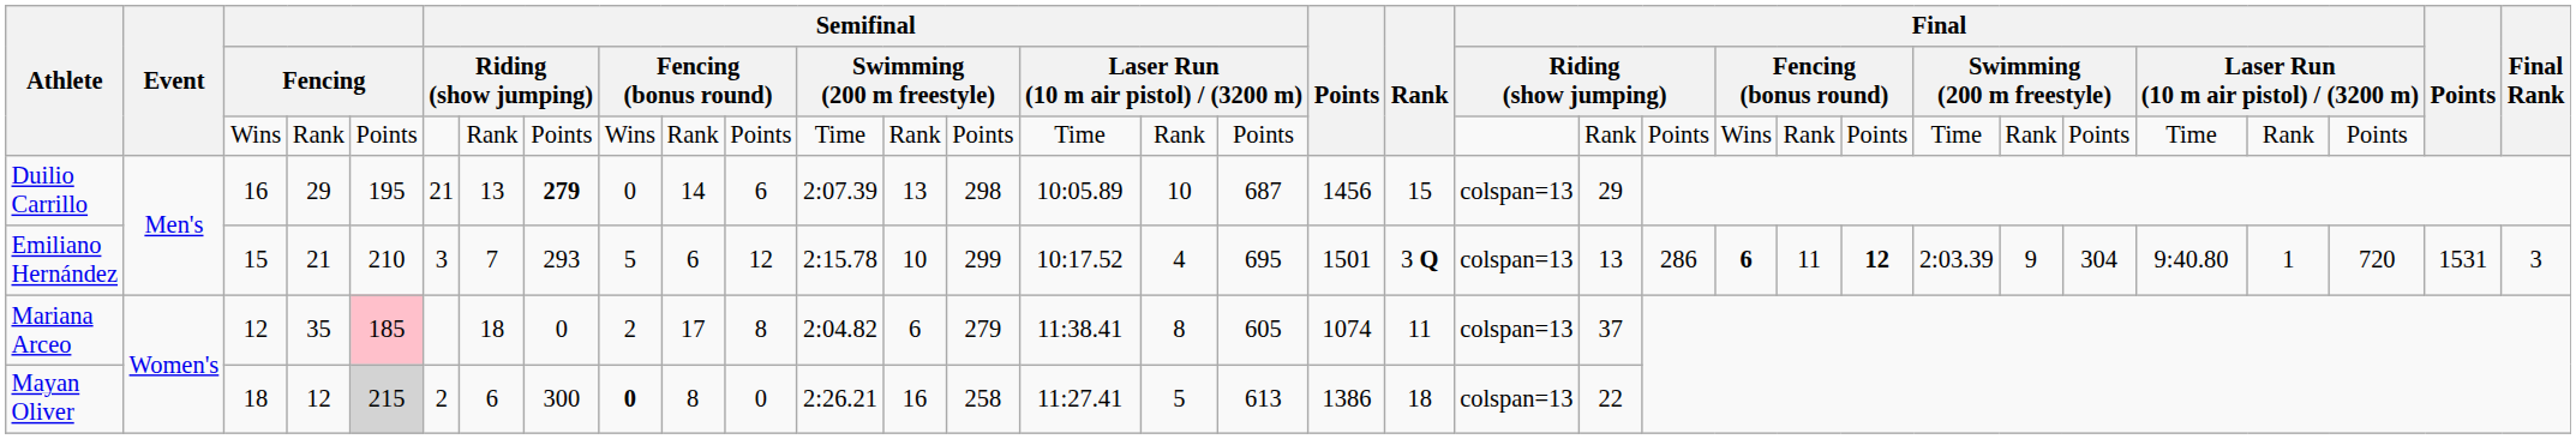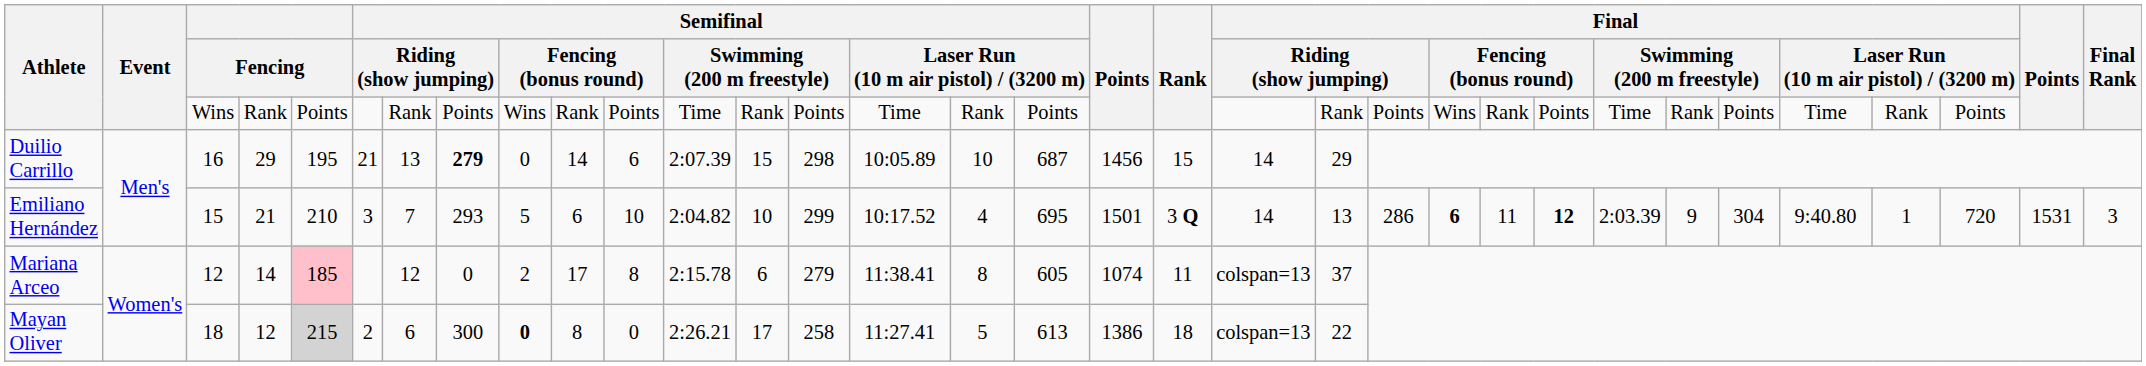 <table class="wikitable" style="font-size:90%">
 <tr align=center>
 <th rowspan=3>Athlete</th>
 <th rowspan=3>Event</th>
 <th colspan=3 nowrap></th>
 <th colspan=12>Semifinal</th>
 <th rowspan=3 nowrap><br>Points</th>
 <th rowspan=3 nowrap><br>Rank</th>
 <th colspan=12>Final</th>
 <th rowspan=3 nowrap><br>Points</th>
 <th rowspan=3 nowrap>Final<br>Rank</th>
 </tr>
 <tr>
 <th colspan=3>Fencing</th>
 <th colspan=3 nowrap>Riding<br><span>(show jumping)</span></th>
 <th colspan=3 nowrap>Fencing<br><span>(bonus round)</span></th>
 <th colspan=3 nowrap>Swimming<br><span>(200 m freestyle)</span></th>
 <th colspan=3 nowrap>Laser Run<br><span>(10 m air pistol) / (3200 m)</span></th>
 <th colspan=3 nowrap>Riding<br><span>(show jumping)</span></th>
 <th colspan=3 nowrap>Fencing<br><span>(bonus round)</span></th>
 <th colspan=3 nowrap>Swimming<br><span>(200 m freestyle)</span></th>
 <th colspan=3 nowrap>Laser Run<br><span>(10 m air pistol) / (3200 m)</span></th>
 </tr>
 <tr align=center>
 <td>Wins</td>
 <td>Rank</td>
 <td>Points</td>
 <td></td>
 <td>Rank</td>
 <td>Points</td>
 <td>Wins</td>
 <td>Rank</td>
 <td>Points</td>
 <td>Time</td>
 <td>Rank</td>
 <td>Points</td>
 <td>Time</td>
 <td>Rank</td>
 <td>Points</td>
 <td></td>
 <td>Rank</td>
 <td>Points</td>
 <td>Wins</td>
 <td>Rank</td>
 <td>Points</td>
 <td>Time</td>
 <td>Rank</td>
 <td>Points</td>
 <td>Time</td>
 <td>Rank</td>
 <td>Points</td>
 </tr>
 <tr align=center>
 <td align=left><a href='#'>Duilio Carrillo</a></td>
 <td rowspan=2><a href='#'>Men's</a></td>
 <td>16</td>
 <td>29</td>
 <td>195</td>
 <td>21</td>
 <td>13</td>
 <td><strong>279</strong></td>
 <td>0</td>
 <td>14</td>
 <td>6</td>
 <td>2:07.39</td>
-<td>13</td>
+<td>15</td>
 <td>298</td>
 <td>10:05.89</td>
 <td>10</td>
 <td>687</td>
 <td>1456</td>
 <td>15</td>
-<td>colspan=13</td>
+<td>14</td>
 <td>29</td>
 </tr>
 <tr align=center>
 <td align=left><a href='#'>Emiliano Hernández</a></td>
 <td>15</td>
 <td>21</td>
 <td>210</td>
 <td>3</td>
 <td>7</td>
 <td>293</td>
 <td>5</td>
 <td>6</td>
-<td>12</td>
-<td>2:15.78</td>
+<td>10</td>
+<td>2:04.82</td>
 <td>10</td>
 <td>299</td>
 <td>10:17.52</td>
 <td>4</td>
 <td>695</td>
 <td>1501</td>
 <td>3 <strong>Q</strong></td>
-<td>colspan=13</td>
+<td>14</td>
 <td>13</td>
 <td>286</td>
 <td><strong>6</strong></td>
 <td>11</td>
 <td><strong>12</strong></td>
 <td>2:03.39</td>
 <td>9</td>
 <td>304</td>
 <td>9:40.80 <strong></strong></td>
 <td>1</td>
 <td>720</td>
 <td>1531</td>
 <td>3</td>
 </tr>
 <tr align=center>
 <td align=left><a href='#'>Mariana Arceo</a></td>
 <td rowspan=2><a href='#'>Women's</a></td>
 <td>12</td>
-<td>35</td>
+<td>14</td>
 <td style="background: pink;">185</td>
 <td></td>
-<td>18</td>
+<td>12</td>
 <td>0</td>
 <td>2</td>
 <td>17</td>
 <td>8</td>
-<td>2:04.82</td>
+<td>2:15.78</td>
 <td>6</td>
 <td>279</td>
 <td>11:38.41</td>
 <td>8</td>
 <td>605</td>
 <td>1074</td>
 <td>11</td>
 <td>colspan=13</td>
 <td>37</td>
 </tr>
 <tr align=center>
 <td align=left><a href='#'>Mayan Oliver</a></td>
 <td>18</td>
 <td>12</td>
 <td style="background: lightgrey;">215</td>
 <td>2</td>
 <td>6</td>
 <td>300</td>
 <td><strong>0</strong></td>
 <td>8</td>
 <td>0</td>
 <td>2:26.21</td>
-<td>16</td>
+<td>17</td>
 <td>258</td>
 <td>11:27.41</td>
 <td>5</td>
 <td>613</td>
 <td>1386</td>
 <td>18</td>
 <td>colspan=13</td>
 <td>22</td>
 </tr>
 </table>
